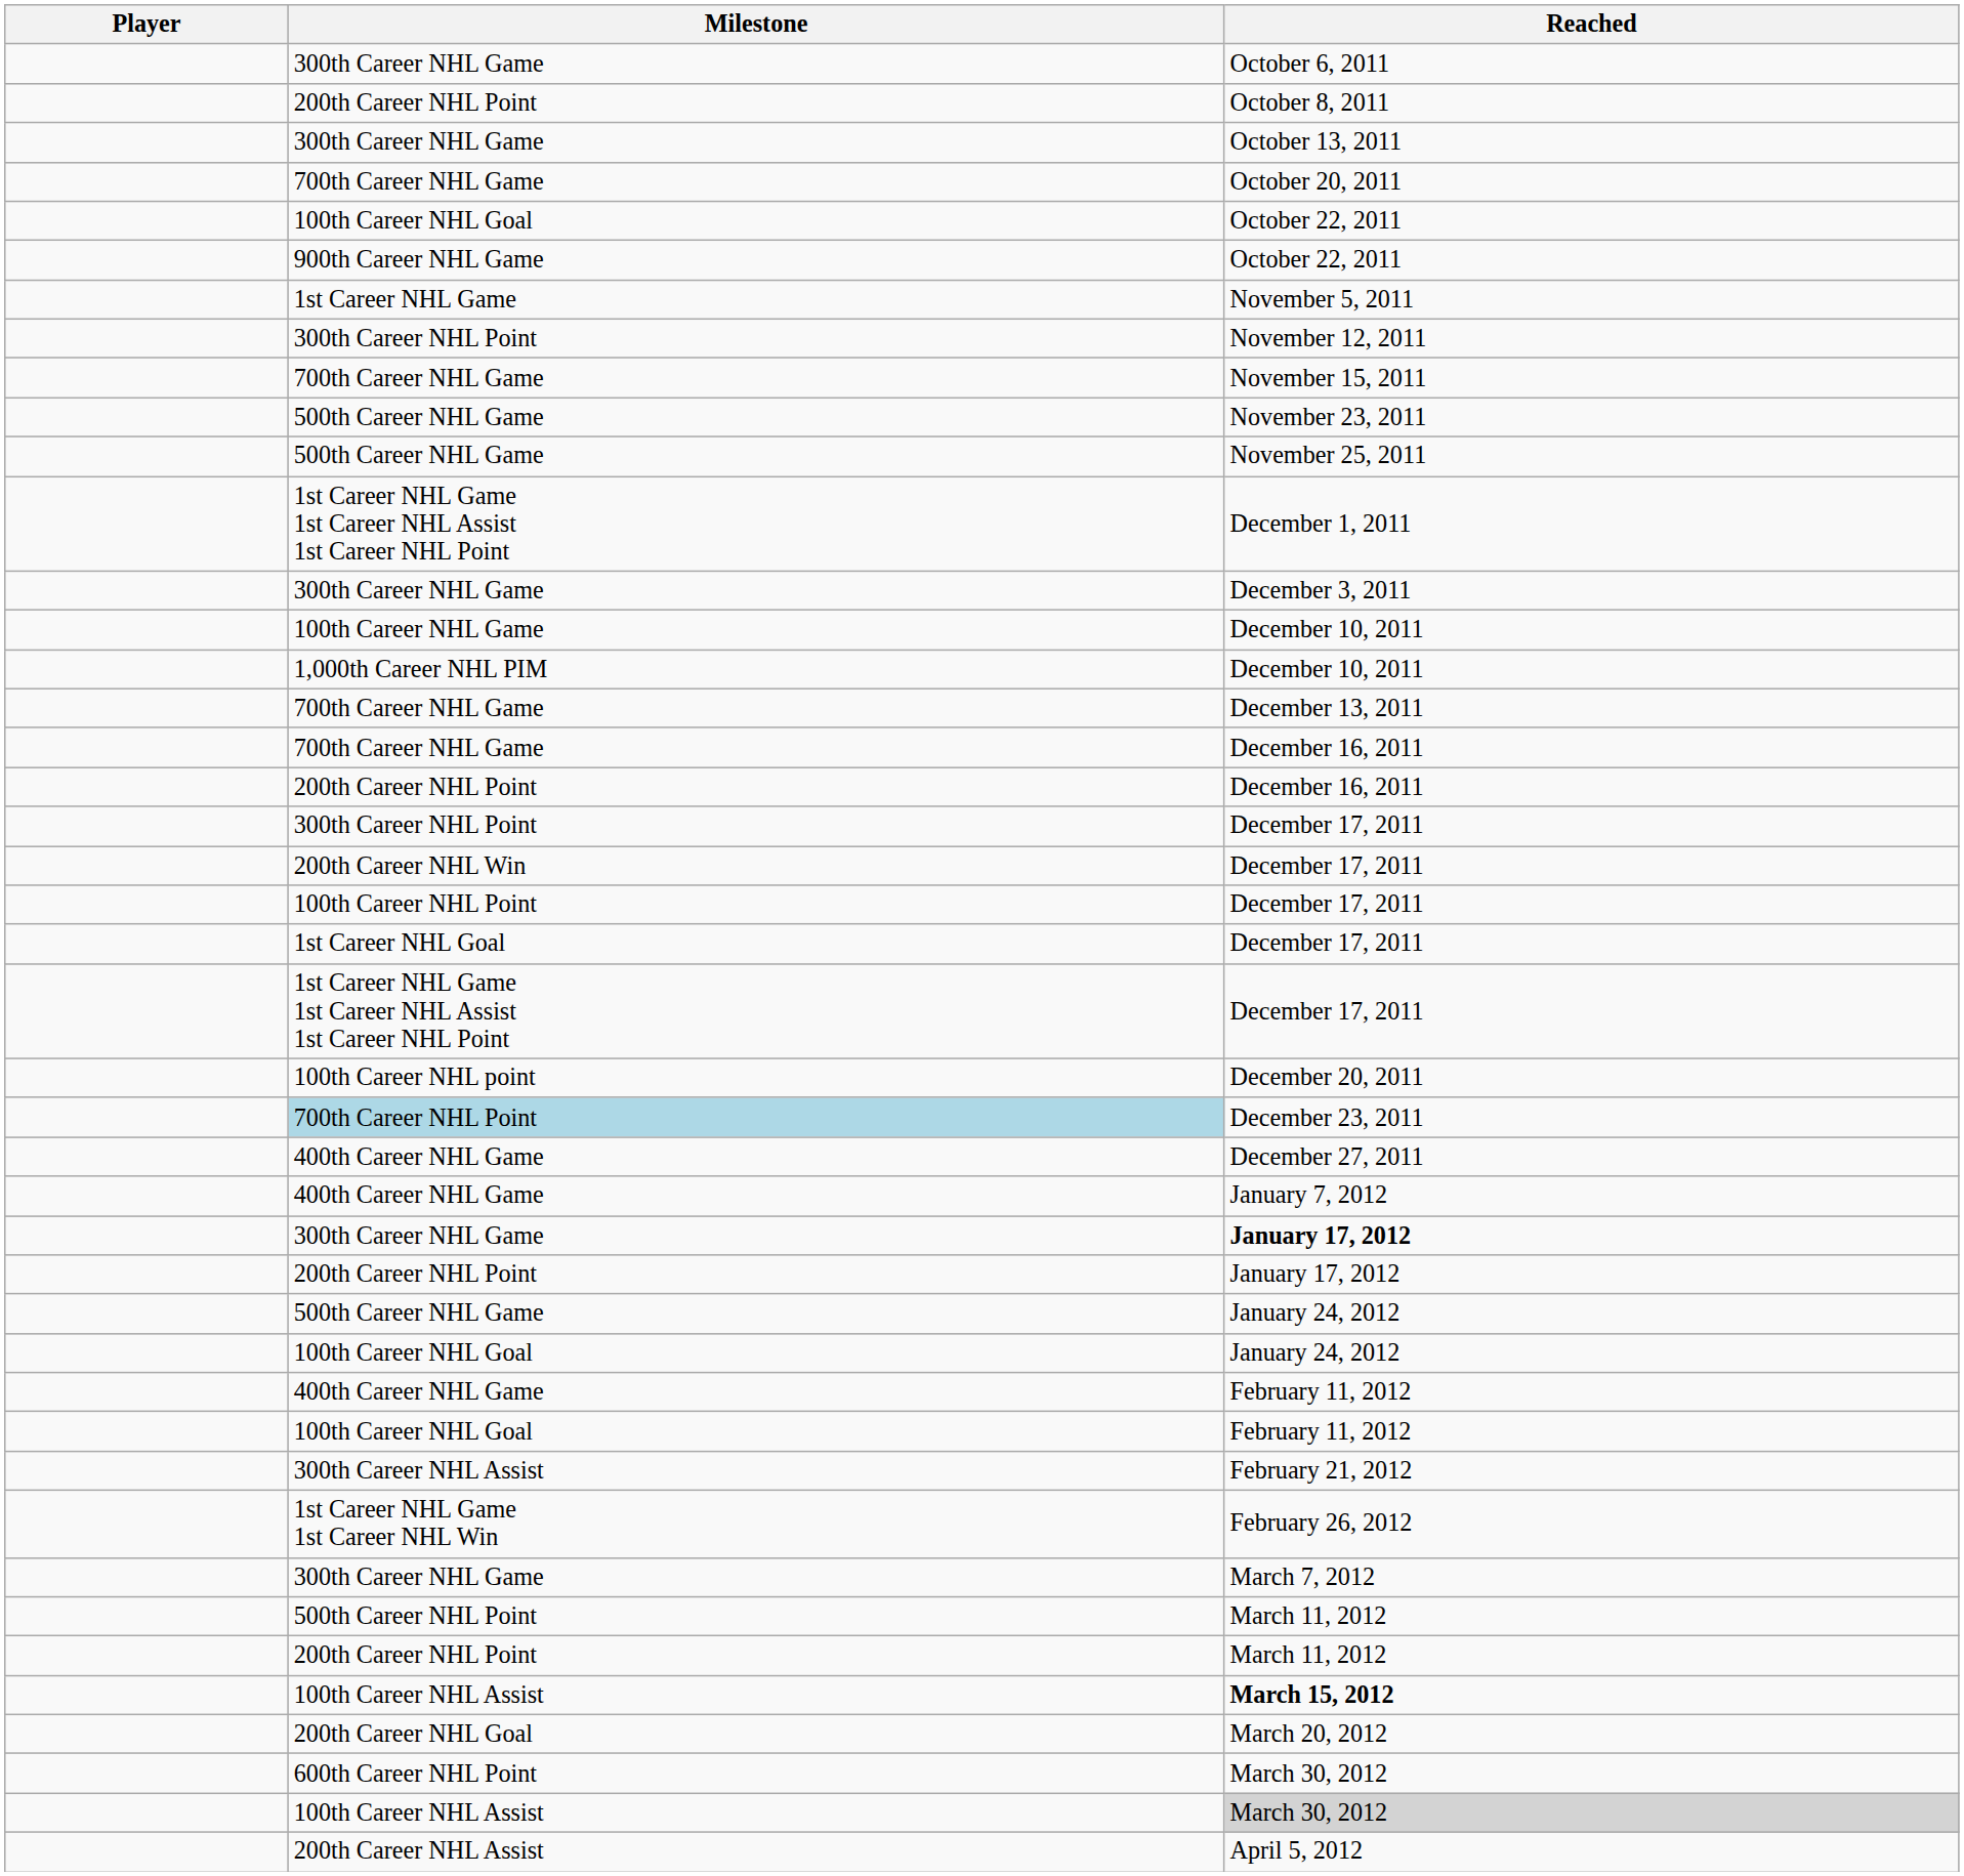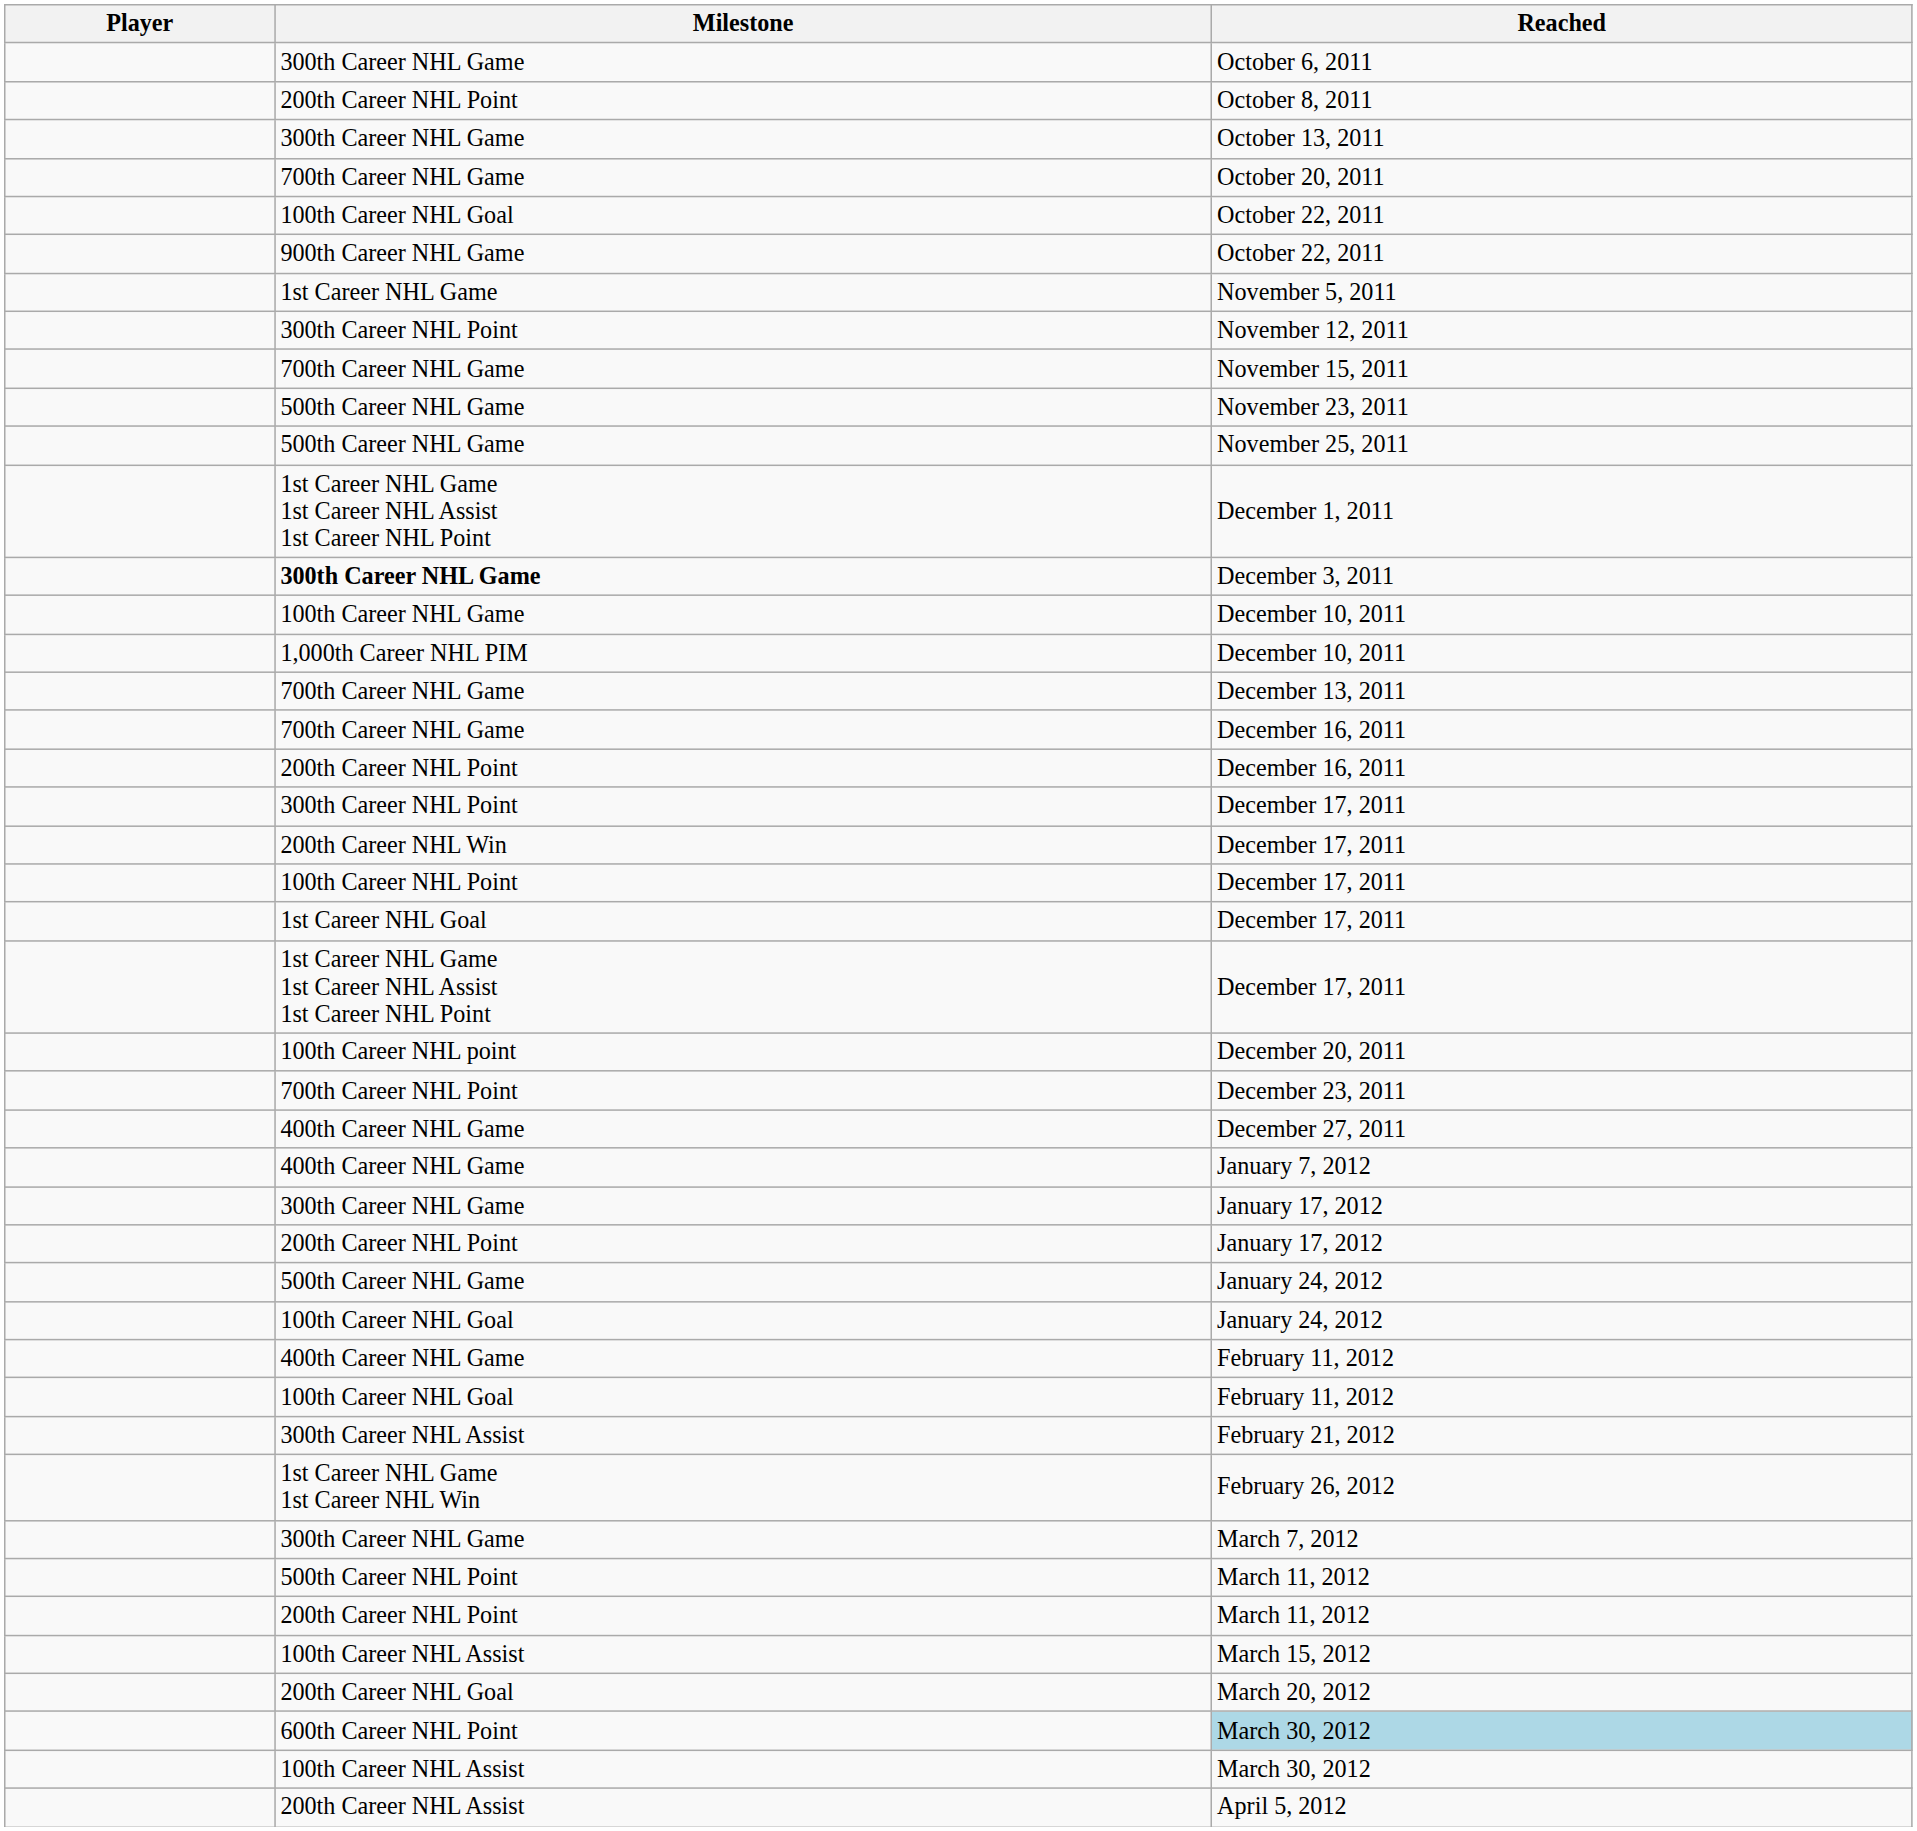 <table class="wikitable sortable" style="width:100%;">
 <tr align=center>
 <th>Player</th>
 <th>Milestone</th>
 <th>Reached</th>
 </tr>
 <tr>
 <td></td>
 <td>300th Career NHL Game</td>
 <td>October 6, 2011</td>
 </tr>
 <tr>
 <td></td>
 <td>200th Career NHL Point</td>
 <td>October 8, 2011</td>
 </tr>
 <tr>
 <td></td>
 <td>300th Career NHL Game</td>
 <td>October 13, 2011</td>
 </tr>
 <tr>
 <td></td>
 <td>700th Career NHL Game</td>
 <td>October 20, 2011</td>
 </tr>
 <tr>
 <td></td>
 <td>100th Career NHL Goal</td>
 <td>October 22, 2011</td>
 </tr>
 <tr>
 <td></td>
 <td>900th Career NHL Game</td>
 <td>October 22, 2011</td>
 </tr>
 <tr>
 <td></td>
 <td>1st Career NHL Game</td>
 <td>November 5, 2011</td>
 </tr>
 <tr>
 <td></td>
 <td>300th Career NHL Point</td>
 <td>November 12, 2011</td>
 </tr>
 <tr>
 <td></td>
 <td>700th Career NHL Game</td>
 <td>November 15, 2011</td>
 </tr>
 <tr>
 <td></td>
 <td>500th Career NHL Game</td>
 <td>November 23, 2011</td>
 </tr>
 <tr>
 <td></td>
 <td>500th Career NHL Game</td>
 <td>November 25, 2011</td>
 </tr>
 <tr>
 <td></td>
 <td>1st Career NHL Game<br>1st Career NHL Assist<br>1st Career NHL Point</td>
 <td>December 1, 2011</td>
 </tr>
 <tr>
 <td></td>
-<td>300th Career NHL Game</td>
+<td><strong>300th Career NHL Game</strong></td>
 <td>December 3, 2011</td>
 </tr>
 <tr>
 <td></td>
 <td>100th Career NHL Game</td>
 <td>December 10, 2011</td>
 </tr>
 <tr>
 <td></td>
 <td>1,000th Career NHL PIM</td>
 <td>December 10, 2011</td>
 </tr>
 <tr>
 <td></td>
 <td>700th Career NHL Game</td>
 <td>December 13, 2011</td>
 </tr>
 <tr>
 <td></td>
 <td>700th Career NHL Game</td>
 <td>December 16, 2011</td>
 </tr>
 <tr>
 <td></td>
 <td>200th Career NHL Point</td>
 <td>December 16, 2011</td>
 </tr>
 <tr>
 <td></td>
 <td>300th Career NHL Point</td>
 <td>December 17, 2011</td>
 </tr>
 <tr>
 <td></td>
 <td>200th Career NHL Win</td>
 <td>December 17, 2011</td>
 </tr>
 <tr>
 <td></td>
 <td>100th Career NHL Point</td>
 <td>December 17, 2011</td>
 </tr>
 <tr>
 <td></td>
 <td>1st Career NHL Goal</td>
 <td>December 17, 2011</td>
 </tr>
 <tr>
 <td></td>
 <td>1st Career NHL Game<br>1st Career NHL Assist<br>1st Career NHL Point</td>
 <td>December 17, 2011</td>
 </tr>
 <tr>
 <td></td>
 <td>100th Career NHL point</td>
 <td>December 20, 2011</td>
 </tr>
 <tr>
 <td></td>
-<td style="background: lightblue;">700th Career NHL Point</td>
+<td>700th Career NHL Point</td>
 <td>December 23, 2011</td>
 </tr>
 <tr>
 <td></td>
 <td>400th Career NHL Game</td>
 <td>December 27, 2011</td>
 </tr>
 <tr>
 <td></td>
 <td>400th Career NHL Game</td>
 <td>January 7, 2012</td>
 </tr>
 <tr>
 <td></td>
 <td>300th Career NHL Game</td>
-<td><strong>January 17, 2012</strong></td>
+<td>January 17, 2012</td>
 </tr>
 <tr>
 <td></td>
 <td>200th Career NHL Point</td>
 <td>January 17, 2012</td>
 </tr>
 <tr>
 <td></td>
 <td>500th Career NHL Game</td>
 <td>January 24, 2012</td>
 </tr>
 <tr>
 <td></td>
 <td>100th Career NHL Goal</td>
 <td>January 24, 2012</td>
 </tr>
 <tr>
 <td></td>
 <td>400th Career NHL Game</td>
 <td>February 11, 2012</td>
 </tr>
 <tr>
 <td></td>
 <td>100th Career NHL Goal</td>
 <td>February 11, 2012</td>
 </tr>
 <tr>
 <td></td>
 <td>300th Career NHL Assist</td>
 <td>February 21, 2012</td>
 </tr>
 <tr>
 <td></td>
 <td>1st Career NHL Game<br>1st Career NHL Win</td>
 <td>February 26, 2012</td>
 </tr>
 <tr>
 <td></td>
 <td>300th Career NHL Game</td>
 <td>March 7, 2012</td>
 </tr>
 <tr>
 <td></td>
 <td>500th Career NHL Point</td>
 <td>March 11, 2012</td>
 </tr>
 <tr>
 <td></td>
 <td>200th Career NHL Point</td>
 <td>March 11, 2012</td>
 </tr>
 <tr>
 <td></td>
 <td>100th Career NHL Assist</td>
-<td><strong>March 15, 2012</strong></td>
+<td>March 15, 2012</td>
 </tr>
 <tr>
 <td></td>
 <td>200th Career NHL Goal</td>
 <td>March 20, 2012</td>
 </tr>
 <tr>
 <td></td>
 <td>600th Career NHL Point</td>
-<td>March 30, 2012</td>
+<td style="background: lightblue;">March 30, 2012</td>
 </tr>
 <tr>
 <td></td>
 <td>100th Career NHL Assist</td>
-<td style="background: lightgrey;">March 30, 2012</td>
+<td>March 30, 2012</td>
 </tr>
 <tr>
 <td></td>
 <td>200th Career NHL Assist</td>
 <td>April 5, 2012</td>
 </tr>
 </table>
